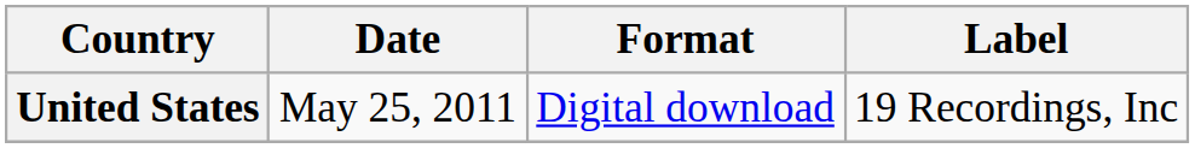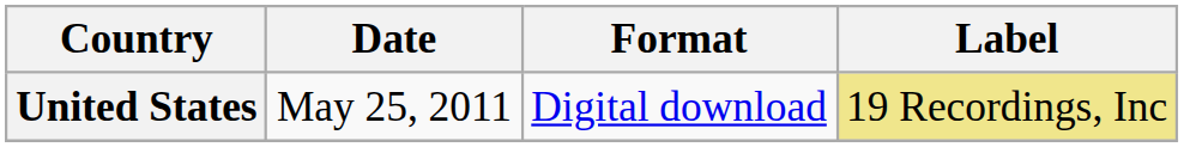 <table class="wikitable plainrowheaders">
 <tr>
 <th scope="col">Country</th>
 <th scope="col">Date</th>
 <th scope="col">Format</th>
 <th scope="col">Label</th>
 </tr>
 <tr>
 <th scope="row">United States</th>
 <td>May 25, 2011</td>
 <td><a href='#'>Digital download</a></td>
-<td>19 Recordings, Inc</td>
+<td style="background: khaki;">19 Recordings, Inc</td>
 </tr>
 <tr>
 </tr>
 </table>
